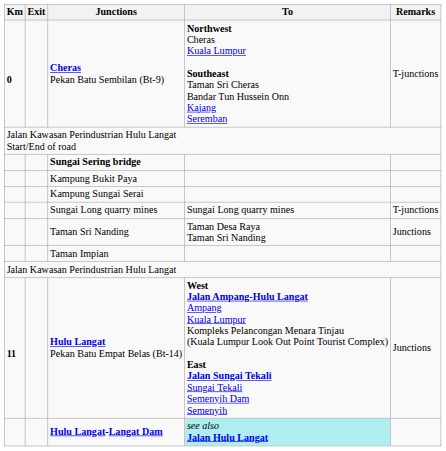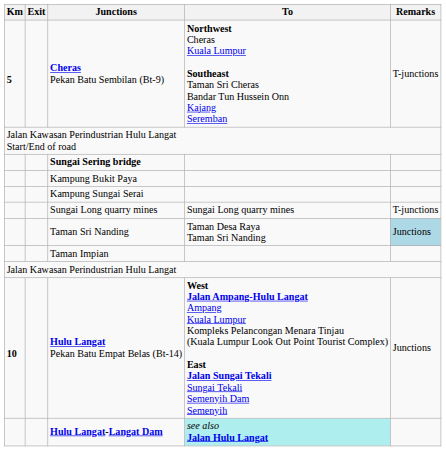 <table class="wikitable">
 <tr>
 <th>Km</th>
 <th>Exit</th>
 <th>Junctions</th>
 <th>To</th>
 <th>Remarks</th>
 </tr>
 <tr>
-<td><br><strong>0</strong></td>
+<td><br><strong>5</strong></td>
 <td></td>
 <td><strong><a href='#'>Cheras</a></strong><br>Pekan Batu Sembilan (Bt-9)</td>
 <td><strong>Northwest</strong><br>  Cheras<br>  <a href='#'>Kuala Lumpur</a><br><br><strong>Southeast</strong><br>Taman Sri Cheras<br>Bandar Tun Hussein Onn<br>  <a href='#'>Kajang</a><br>  <a href='#'>Seremban</a></td>
 <td>T-junctions</td>
 </tr>
 <tr>
 <td style="width:600px" colspan="6" style="text-align:center;">  Jalan Kawasan Perindustrian Hulu Langat<br>Start/End of road</td>
 </tr>
 <tr>
 <td></td>
 <td></td>
 <td><strong>Sungai Sering bridge</strong></td>
 <td></td>
 <td></td>
 </tr>
 <tr>
 <td></td>
 <td></td>
 <td>Kampung Bukit Paya</td>
 <td></td>
 <td></td>
 </tr>
 <tr>
 <td></td>
 <td></td>
 <td>Kampung Sungai Serai</td>
 <td></td>
 <td></td>
 </tr>
 <tr>
 <td></td>
 <td></td>
 <td>Sungai Long quarry mines</td>
 <td>Sungai Long quarry mines</td>
 <td>T-junctions</td>
 </tr>
 <tr>
 <td></td>
 <td></td>
 <td>Taman Sri Nanding</td>
 <td>Taman Desa Raya<br>Taman Sri Nanding</td>
-<td>Junctions</td>
+<td style="background: lightblue;">Junctions</td>
 </tr>
 <tr>
 <td></td>
 <td></td>
 <td>Taman Impian</td>
 <td></td>
 <td></td>
 </tr>
 <tr>
 <td style="width:600px" colspan="6" style="text-align:center;">  Jalan Kawasan Perindustrian Hulu Langat</td>
 </tr>
 <tr>
-<td><br><strong>11</strong></td>
+<td><br><strong>10</strong></td>
 <td></td>
 <td><strong><a href='#'>Hulu Langat</a></strong><br>Pekan Batu Empat Belas (Bt-14)</td>
 <td><strong>West</strong><br> <strong><a href='#'>Jalan Ampang-Hulu Langat</a></strong><br> <a href='#'>Ampang</a><br> <a href='#'>Kuala Lumpur</a><br>Kompleks Pelancongan Menara Tinjau<br>(Kuala Lumpur Look Out Point Tourist Complex)<br><br><strong>East</strong><br> <strong><a href='#'>Jalan Sungai Tekali</a></strong><br> <a href='#'>Sungai Tekali</a><br> <a href='#'>Semenyih Dam</a><br> <a href='#'>Semenyih</a></td>
 <td>Junctions</td>
 </tr>
 <tr>
 <td></td>
 <td></td>
 <td><strong><a href='#'>Hulu Langat</a>-<a href='#'>Langat Dam</a></strong></td>
 <td style="background: paleturquoise;"><em>see also</em><br> <strong><a href='#'>Jalan Hulu Langat</a></strong></td>
 <td></td>
 </tr>
 </table>
